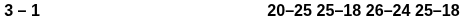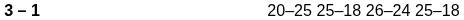 <table width=100% cellspacing=1>
 <tr>
 <th width=20%></th>
 <th width=12%></th>
 <th width=20%></th>
 <th width=33%></th>
 <td></td>
 </tr>
 <tr style=font-size:95%>
 <td align=right><strong></strong></td>
 <td align=center><strong>3 – 1</strong></td>
 <td></td>
-<td><strong>20–25 25–18 26–24 25–18</strong></td>
+<td>20–25 25–18 26–24 25–18</td>
 </tr>
 </table>
